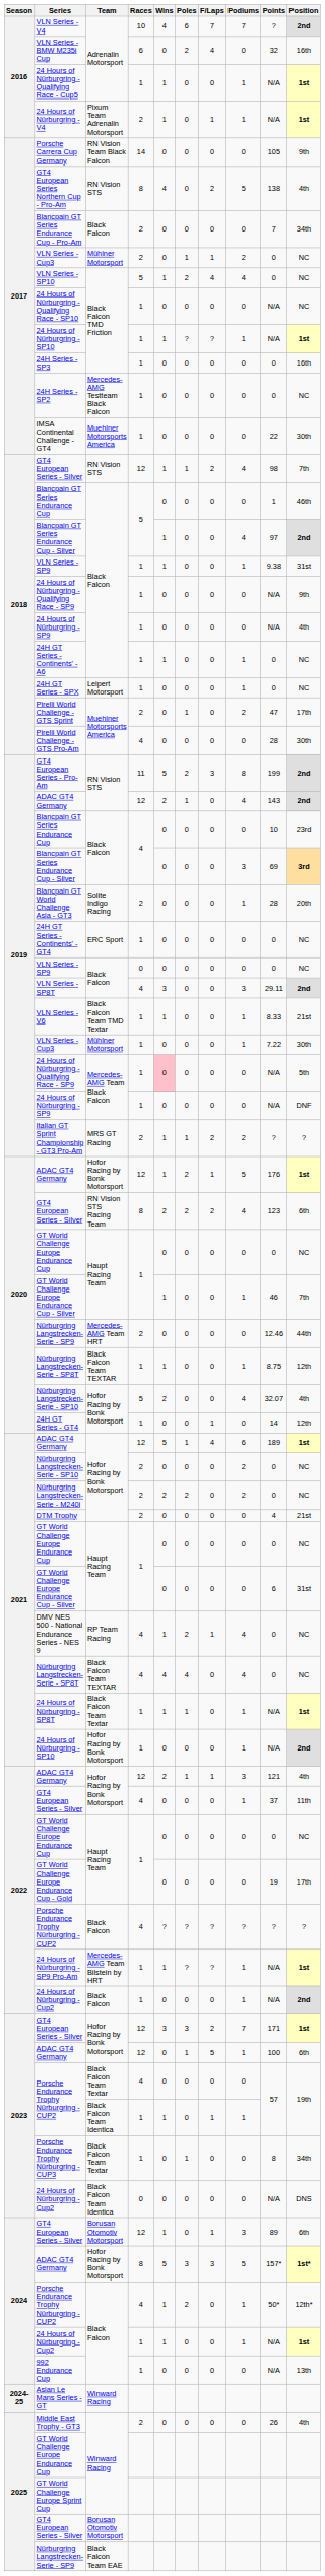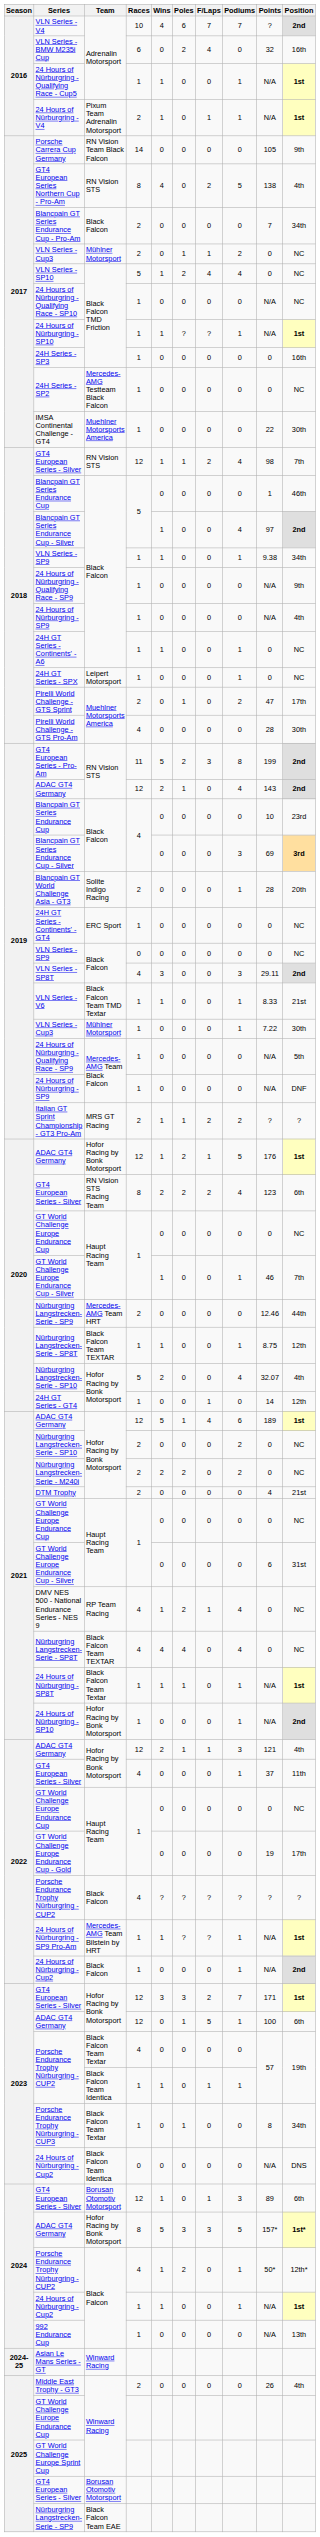 <table class="wikitable" style="font-size: 90%; text-align:center">
 <tr>
 <th>Season</th>
 <th>Series</th>
 <th>Team</th>
 <th>Races</th>
 <th>Wins</th>
 <th>Poles</th>
 <th>F/Laps</th>
 <th>Podiums</th>
 <th>Points</th>
 <th>Position</th>
 </tr>
 <tr>
 <th rowspan="4">2016</th>
 <td align="left"><a href='#'>VLN Series - V4</a></td>
 <td rowspan="3" align="left">Adrenalin Motorsport</td>
 <td>10</td>
 <td>4</td>
 <td>6</td>
 <td>7</td>
 <td>7</td>
 <td>?</td>
 <td style="background:#DFDFDF;"><strong>2nd</strong></td>
 </tr>
 <tr>
 <td align="left"><a href='#'>VLN Series - BMW M235i Cup</a></td>
 <td>6</td>
 <td>0</td>
 <td>2</td>
 <td>4</td>
 <td>0</td>
 <td>32</td>
 <td>16th</td>
 </tr>
 <tr>
 <td align="left"><a href='#'>24 Hours of Nürburgring - Qualifying Race - Cup5</a></td>
 <td>1</td>
 <td>1</td>
 <td>0</td>
 <td>0</td>
 <td>1</td>
 <td>N/A</td>
 <td style="background:#FFFFBF;"><strong>1st</strong></td>
 </tr>
 <tr>
 <td align="left"><a href='#'>24 Hours of Nürburgring - V4</a></td>
 <td align="left">Pixum Team Adrenalin Motorsport</td>
 <td>2</td>
 <td>1</td>
 <td>0</td>
 <td>1</td>
 <td>1</td>
 <td>N/A</td>
 <td style="background:#FFFFBF;"><strong>1st</strong></td>
 </tr>
 <tr>
 <th rowspan="10">2017</th>
 <td align="left"><a href='#'>Porsche Carrera Cup Germany</a></td>
 <td align="left">RN Vision Team Black Falcon</td>
 <td>14</td>
 <td>0</td>
 <td>0</td>
 <td>0</td>
 <td>0</td>
 <td>105</td>
 <td>9th</td>
 </tr>
 <tr>
 <td align="left"><a href='#'>GT4 European Series Northern Cup - Pro-Am</a></td>
 <td align="left">RN Vision STS</td>
 <td>8</td>
 <td>4</td>
 <td>0</td>
 <td>2</td>
 <td>5</td>
 <td>138</td>
 <td>4th</td>
 </tr>
 <tr>
 <td align="left"><a href='#'>Blancpain GT Series Endurance Cup - Pro-Am</a></td>
 <td align="left">Black Falcon</td>
 <td>2</td>
 <td>0</td>
 <td>0</td>
 <td>0</td>
 <td>0</td>
 <td>7</td>
 <td>34th</td>
 </tr>
 <tr>
 <td align="left"><a href='#'>VLN Series - Cup3</a></td>
 <td align="left"><a href='#'>Mühlner Motorsport</a></td>
 <td>2</td>
 <td>0</td>
 <td>1</td>
 <td>1</td>
 <td>2</td>
 <td>0</td>
 <td>NC</td>
 </tr>
 <tr>
 <td align="left"><a href='#'>VLN Series - SP10</a></td>
 <td rowspan="4" align="left">Black Falcon TMD Friction</td>
 <td>5</td>
 <td>1</td>
 <td>2</td>
 <td>4</td>
 <td>4</td>
 <td>0</td>
 <td>NC</td>
 </tr>
 <tr>
 <td align="left"><a href='#'>24 Hours of Nürburgring - Qualifying Race - SP10</a></td>
 <td>1</td>
 <td>0</td>
 <td>0</td>
 <td>0</td>
 <td>0</td>
 <td>N/A</td>
 <td>NC</td>
 </tr>
 <tr>
 <td align="left"><a href='#'>24 Hours of Nürburgring - SP10</a></td>
 <td>1</td>
 <td>1</td>
 <td>?</td>
 <td>?</td>
 <td>1</td>
 <td>N/A</td>
 <td style="background:#FFFFBF;"><strong>1st</strong></td>
 </tr>
 <tr>
 <td align="left"><a href='#'>24H Series - SP3</a></td>
 <td>1</td>
 <td>0</td>
 <td>0</td>
 <td>0</td>
 <td>0</td>
 <td>0</td>
 <td>16th</td>
 </tr>
 <tr>
 <td align="left"><a href='#'>24H Series - SP2</a></td>
 <td align="left"><a href='#'>Mercedes-AMG</a> Testteam Black Falcon</td>
 <td>1</td>
 <td>0</td>
 <td>0</td>
 <td>0</td>
 <td>0</td>
 <td>0</td>
 <td>NC</td>
 </tr>
 <tr>
 <td align="left">IMSA Continental Challenge - GT4</td>
 <td align="left"><a href='#'>Muehlner Motorsports America</a></td>
 <td>1</td>
 <td>0</td>
 <td>0</td>
 <td>0</td>
 <td>0</td>
 <td>22</td>
 <td>30th</td>
 </tr>
 <tr>
 <th rowspan="10">2018</th>
 <td align="left"><a href='#'>GT4 European Series - Silver</a></td>
 <td align="left">RN Vision STS</td>
 <td>12</td>
 <td>1</td>
 <td>1</td>
 <td>2</td>
 <td>4</td>
 <td>98</td>
 <td>7th</td>
 </tr>
 <tr>
 <td align="left"><a href='#'>Blancpain GT Series Endurance Cup</a></td>
 <td rowspan="6" align="left">Black Falcon</td>
 <td rowspan="2">5</td>
 <td>0</td>
 <td>0</td>
 <td>0</td>
 <td>0</td>
 <td>1</td>
 <td>46th</td>
 </tr>
 <tr>
 <td align="left"><a href='#'>Blancpain GT Series Endurance Cup - Silver</a></td>
 <td>1</td>
 <td>0</td>
 <td>0</td>
 <td>4</td>
 <td>97</td>
 <td style="background:#DFDFDF;"><strong>2nd</strong></td>
 </tr>
 <tr>
 <td align="left"><a href='#'>VLN Series - SP9</a></td>
 <td>1</td>
 <td>1</td>
 <td>0</td>
 <td>0</td>
 <td>1</td>
 <td>9.38</td>
-<td>31st</td>
+<td>34th</td>
 </tr>
 <tr>
 <td align="left"><a href='#'>24 Hours of Nürburgring - Qualifying Race - SP9</a></td>
 <td>1</td>
 <td>0</td>
 <td>0</td>
 <td>0</td>
 <td>0</td>
 <td>N/A</td>
 <td>9th</td>
 </tr>
 <tr>
 <td align="left"><a href='#'>24 Hours of Nürburgring - SP9</a></td>
 <td>1</td>
 <td>0</td>
 <td>0</td>
 <td>0</td>
 <td>0</td>
 <td>N/A</td>
 <td>4th</td>
 </tr>
 <tr>
 <td align="left"><a href='#'>24H GT Series - Continents' - A6</a></td>
 <td>1</td>
 <td>1</td>
 <td>0</td>
 <td>0</td>
 <td>1</td>
 <td>0</td>
 <td>NC</td>
 </tr>
 <tr>
 <td align="left"><a href='#'>24H GT Series - SPX</a></td>
 <td align="left">Leipert Motorsport</td>
 <td>1</td>
 <td>0</td>
 <td>0</td>
 <td>0</td>
 <td>1</td>
 <td>0</td>
 <td>NC</td>
 </tr>
 <tr>
 <td align="left"><a href='#'>Pirelli World Challenge - GTS Sprint</a></td>
 <td rowspan="2" align="left"><a href='#'>Muehlner Motorsports America</a></td>
 <td>2</td>
 <td>0</td>
 <td>1</td>
 <td>0</td>
 <td>2</td>
 <td>47</td>
 <td>17th</td>
 </tr>
 <tr>
 <td align="left"><a href='#'>Pirelli World Challenge - GTS Pro-Am</a></td>
 <td>4</td>
 <td>0</td>
 <td>0</td>
 <td>0</td>
 <td>0</td>
 <td>28</td>
 <td>30th</td>
 </tr>
 <tr>
 <th rowspan="13">2019</th>
 <td align="left"><a href='#'>GT4 European Series - Pro-Am</a></td>
 <td rowspan="2" align="left">RN Vision STS</td>
 <td>11</td>
 <td>5</td>
 <td>2</td>
 <td>3</td>
 <td>8</td>
 <td>199</td>
 <td style="background:#DFDFDF;"><strong>2nd</strong></td>
 </tr>
 <tr>
 <td align="left"><a href='#'>ADAC GT4 Germany</a></td>
 <td>12</td>
 <td>2</td>
 <td>1</td>
 <td>0</td>
 <td>4</td>
 <td>143</td>
 <td style="background:#DFDFDF;"><strong>2nd</strong></td>
 </tr>
 <tr>
 <td align="left"><a href='#'>Blancpain GT Series Endurance Cup</a></td>
 <td rowspan="2" align="left">Black Falcon</td>
 <td rowspan="2">4</td>
 <td>0</td>
 <td>0</td>
 <td>0</td>
 <td>0</td>
 <td>10</td>
 <td>23rd</td>
 </tr>
 <tr>
 <td align="left"><a href='#'>Blancpain GT Series Endurance Cup - Silver</a></td>
 <td>0</td>
 <td>0</td>
 <td>0</td>
 <td>3</td>
 <td>69</td>
 <td style="background:#FFDF9F;"><strong>3rd</strong></td>
 </tr>
 <tr>
 <td align="left"><a href='#'>Blancpain GT World Challenge Asia - GT3</a></td>
 <td align="left">Solite Indigo Racing</td>
 <td>2</td>
 <td>0</td>
 <td>0</td>
 <td>0</td>
 <td>1</td>
 <td>28</td>
 <td>20th</td>
 </tr>
 <tr>
 <td align="left"><a href='#'>24H GT Series - Continents' - GT4</a></td>
 <td align="left">ERC Sport</td>
 <td>1</td>
 <td>0</td>
 <td>0</td>
 <td>0</td>
 <td>0</td>
 <td>0</td>
 <td>NC</td>
 </tr>
 <tr>
 <td align="left"><a href='#'>VLN Series - SP9</a></td>
 <td rowspan="2" align="left">Black Falcon</td>
 <td>0</td>
 <td>0</td>
 <td>0</td>
 <td>0</td>
 <td>0</td>
 <td>0</td>
 <td>NC</td>
 </tr>
 <tr>
 <td align="left"><a href='#'>VLN Series - SP8T</a></td>
 <td>4</td>
 <td>3</td>
 <td>0</td>
 <td>0</td>
 <td>3</td>
 <td>29.11</td>
 <td style="background:#DFDFDF;"><strong>2nd</strong></td>
 </tr>
 <tr>
 <td align="left"><a href='#'>VLN Series - V6</a></td>
 <td align="left">Black Falcon Team TMD Textar</td>
 <td>1</td>
 <td>1</td>
 <td>0</td>
 <td>0</td>
 <td>1</td>
 <td>8.33</td>
 <td>21st</td>
 </tr>
 <tr>
 <td align="left"><a href='#'>VLN Series - Cup3</a></td>
 <td align="left"><a href='#'>Mühlner Motorsport</a></td>
 <td>1</td>
 <td>0</td>
 <td>0</td>
 <td>0</td>
 <td>1</td>
 <td>7.22</td>
 <td>30th</td>
 </tr>
 <tr>
 <td align="left"><a href='#'>24 Hours of Nürburgring - Qualifying Race - SP9</a></td>
 <td rowspan="2" align="left"><a href='#'>Mercedes-AMG</a> Team Black Falcon</td>
 <td>1</td>
-<td style="background: pink;">0</td>
+<td>0</td>
 <td>0</td>
 <td>0</td>
 <td>0</td>
 <td>N/A</td>
 <td>5th</td>
 </tr>
 <tr>
 <td align="left"><a href='#'>24 Hours of Nürburgring - SP9</a></td>
 <td>1</td>
 <td>0</td>
 <td>0</td>
 <td>0</td>
 <td>0</td>
 <td>N/A</td>
 <td>DNF</td>
 </tr>
 <tr>
 <td align="left"><a href='#'>Italian GT Sprint Championship - GT3 Pro-Am</a></td>
 <td align="left">MRS GT Racing</td>
 <td>2</td>
 <td>1</td>
 <td>1</td>
 <td>2</td>
 <td>2</td>
 <td>?</td>
 <td>?</td>
 </tr>
 <tr>
 <th rowspan="8">2020</th>
 <td align="left"><a href='#'>ADAC GT4 Germany</a></td>
 <td align="left">Hofor Racing by Bonk Motorsport</td>
 <td>12</td>
 <td>1</td>
 <td>2</td>
 <td>1</td>
 <td>5</td>
 <td>176</td>
 <td style="background:#FFFFBF;"><strong>1st</strong></td>
 </tr>
 <tr>
 <td align="left"><a href='#'>GT4 European Series - Silver</a></td>
 <td align="left">RN Vision STS Racing Team</td>
 <td>8</td>
 <td>2</td>
 <td>2</td>
 <td>2</td>
 <td>4</td>
 <td>123</td>
 <td>6th</td>
 </tr>
 <tr>
 <td align="left"><a href='#'>GT World Challenge Europe Endurance Cup</a></td>
 <td rowspan="2" align="left">Haupt Racing Team</td>
 <td rowspan="2">1</td>
 <td>0</td>
 <td>0</td>
 <td>0</td>
 <td>0</td>
 <td>0</td>
 <td>NC</td>
 </tr>
 <tr>
 <td align="left"><a href='#'>GT World Challenge Europe Endurance Cup - Silver</a></td>
 <td>1</td>
 <td>0</td>
 <td>0</td>
 <td>1</td>
 <td>46</td>
 <td>7th</td>
 </tr>
 <tr>
 <td align="left"><a href='#'>Nürburgring Langstrecken-Serie - SP9</a></td>
 <td align="left"><a href='#'>Mercedes-AMG</a> Team HRT</td>
 <td>2</td>
 <td>0</td>
 <td>0</td>
 <td>0</td>
 <td>0</td>
 <td>12.46</td>
 <td>44th</td>
 </tr>
 <tr>
 <td align="left"><a href='#'>Nürburgring Langstrecken-Serie - SP8T</a></td>
 <td align="left">Black Falcon Team TEXTAR</td>
 <td>1</td>
 <td>1</td>
 <td>0</td>
 <td>0</td>
 <td>1</td>
 <td>8.75</td>
 <td>12th</td>
 </tr>
 <tr>
 <td align="left"><a href='#'>Nürburgring Langstrecken-Serie - SP10</a></td>
 <td rowspan="2" align="left">Hofor Racing by Bonk Motorsport</td>
 <td>5</td>
 <td>2</td>
 <td>0</td>
 <td>0</td>
 <td>4</td>
 <td>32.07</td>
 <td>4th</td>
 </tr>
 <tr>
 <td align="left"><a href='#'>24H GT Series - GT4</a></td>
 <td>1</td>
 <td>0</td>
 <td>0</td>
 <td>1</td>
 <td>0</td>
 <td>14</td>
 <td>12th</td>
 </tr>
 <tr>
 <th rowspan="10">2021</th>
 <td align="left"><a href='#'>ADAC GT4 Germany</a></td>
 <td rowspan="4" align="left">Hofor Racing by Bonk Motorsport</td>
 <td>12</td>
 <td>5</td>
 <td>1</td>
 <td>4</td>
 <td>6</td>
 <td>189</td>
 <td style="background:#FFFFBF;"><strong>1st</strong></td>
 </tr>
 <tr>
 <td align="left"><a href='#'>Nürburgring Langstrecken-Serie - SP10</a></td>
 <td>2</td>
 <td>0</td>
 <td>0</td>
 <td>0</td>
 <td>2</td>
 <td>0</td>
 <td>NC</td>
 </tr>
 <tr>
 <td align="left"><a href='#'>Nürburgring Langstrecken-Serie - M240i</a></td>
 <td>2</td>
 <td>2</td>
 <td>2</td>
 <td>0</td>
 <td>2</td>
 <td>0</td>
 <td>NC</td>
 </tr>
 <tr>
 <td align="left"><a href='#'>DTM Trophy</a></td>
 <td>2</td>
 <td>0</td>
 <td>0</td>
 <td>0</td>
 <td>0</td>
 <td>4</td>
 <td>21st</td>
 </tr>
 <tr>
 <td align="left"><a href='#'>GT World Challenge Europe Endurance Cup</a></td>
 <td rowspan="2" align="left">Haupt Racing Team</td>
 <td rowspan="2">1</td>
 <td>0</td>
 <td>0</td>
 <td>0</td>
 <td>0</td>
 <td>0</td>
 <td>NC</td>
 </tr>
 <tr>
 <td align="left"><a href='#'>GT World Challenge Europe Endurance Cup - Silver</a></td>
 <td>0</td>
 <td>0</td>
 <td>0</td>
 <td>0</td>
 <td>6</td>
 <td>31st</td>
 </tr>
 <tr>
 <td align="left">DMV NES 500 - National Endurance Series - NES 9</td>
 <td align="left">RP Team Racing</td>
 <td>4</td>
 <td>1</td>
 <td>2</td>
 <td>1</td>
 <td>4</td>
 <td>0</td>
 <td>NC</td>
 </tr>
 <tr>
 <td align="left"><a href='#'>Nürburgring Langstrecken-Serie - SP8T</a></td>
 <td align="left">Black Falcon Team TEXTAR</td>
 <td>4</td>
 <td>4</td>
 <td>4</td>
 <td>0</td>
 <td>4</td>
 <td>0</td>
 <td>NC</td>
 </tr>
 <tr>
 <td align="left"><a href='#'>24 Hours of Nürburgring - SP8T</a></td>
 <td align="left">Black Falcon Team Textar</td>
 <td>1</td>
 <td>1</td>
 <td>1</td>
 <td>0</td>
 <td>1</td>
 <td>N/A</td>
 <td style="background:#FFFFBF;"><strong>1st</strong></td>
 </tr>
 <tr>
 <td align="left"><a href='#'>24 Hours of Nürburgring - SP10</a></td>
 <td align="left">Hofor Racing by Bonk Motorsport</td>
 <td>1</td>
 <td>0</td>
 <td>0</td>
 <td>0</td>
 <td>1</td>
 <td>N/A</td>
 <td style="background:#DFDFDF;"><strong>2nd</strong></td>
 </tr>
 <tr>
 <th rowspan="7">2022</th>
 <td align="left"><a href='#'>ADAC GT4 Germany</a></td>
 <td rowspan="2" align="left">Hofor Racing by Bonk Motorsport</td>
 <td>12</td>
 <td>2</td>
 <td>1</td>
 <td>1</td>
 <td>3</td>
 <td>121</td>
 <td>4th</td>
 </tr>
 <tr>
 <td align="left"><a href='#'>GT4 European Series - Silver</a></td>
 <td>4</td>
 <td>0</td>
 <td>0</td>
 <td>0</td>
 <td>1</td>
 <td>37</td>
 <td>11th</td>
 </tr>
 <tr>
 <td align="left"><a href='#'>GT World Challenge Europe Endurance Cup</a></td>
 <td rowspan="2" align="left">Haupt Racing Team</td>
 <td rowspan="2">1</td>
 <td>0</td>
 <td>0</td>
 <td>0</td>
 <td>0</td>
 <td>0</td>
 <td>NC</td>
 </tr>
 <tr>
 <td align="left"><a href='#'>GT World Challenge Europe Endurance Cup - Gold</a></td>
 <td>0</td>
 <td>0</td>
 <td>0</td>
 <td>0</td>
 <td>19</td>
 <td>17th</td>
 </tr>
 <tr>
 <td align="left"><a href='#'>Porsche Endurance Trophy Nürburgring - CUP2</a></td>
 <td align="left">Black Falcon</td>
 <td>4</td>
 <td>?</td>
 <td>?</td>
 <td>?</td>
 <td>?</td>
 <td>?</td>
 <td>?</td>
 </tr>
 <tr>
 <td align="left"><a href='#'>24 Hours of Nürburgring - SP9 Pro-Am</a></td>
 <td align="left"><a href='#'>Mercedes-AMG</a> Team Bilstein by HRT</td>
 <td>1</td>
 <td>1</td>
 <td>?</td>
 <td>?</td>
 <td>1</td>
 <td>N/A</td>
 <td style="background:#FFFFBF;"><strong>1st</strong></td>
 </tr>
 <tr>
 <td align="left"><a href='#'>24 Hours of Nürburgring - Cup2</a></td>
 <td align="left">Black Falcon</td>
 <td>1</td>
 <td>0</td>
 <td>0</td>
 <td>0</td>
 <td>1</td>
 <td>N/A</td>
 <td style="background:#DFDFDF;"><strong>2nd</strong></td>
 </tr>
 <tr>
 <th rowspan="6">2023</th>
 <td align="left"><a href='#'>GT4 European Series - Silver</a></td>
 <td rowspan="2" align="left">Hofor Racing by Bonk Motorsport</td>
 <td>12</td>
 <td>3</td>
 <td>3</td>
 <td>2</td>
 <td>7</td>
 <td>171</td>
 <td style="background:#FFFFBF;"><strong>1st</strong></td>
 </tr>
 <tr>
 <td align="left"><a href='#'>ADAC GT4 Germany</a></td>
 <td>12</td>
 <td>0</td>
 <td>1</td>
 <td>5</td>
 <td>1</td>
 <td>100</td>
 <td>6th</td>
 </tr>
 <tr>
 <td rowspan="2" align="left"><a href='#'>Porsche Endurance Trophy Nürburgring - CUP2</a></td>
 <td align="left">Black Falcon Team Textar</td>
 <td>4</td>
 <td>0</td>
 <td>0</td>
 <td>0</td>
 <td>0</td>
 <td rowspan="2">57</td>
 <td rowspan="2">19th</td>
 </tr>
 <tr>
 <td align="left">Black Falcon Team Identica</td>
 <td>1</td>
 <td>1</td>
 <td>0</td>
 <td>1</td>
 <td>1</td>
 </tr>
 <tr>
 <td align="left"><a href='#'>Porsche Endurance Trophy Nürburgring - CUP3</a></td>
 <td align="left">Black Falcon Team Textar</td>
 <td>1</td>
 <td>0</td>
 <td>1</td>
 <td>0</td>
 <td>0</td>
 <td>8</td>
 <td>34th</td>
 </tr>
 <tr>
 <td align="left"><a href='#'>24 Hours of Nürburgring - Cup2</a></td>
 <td align="left">Black Falcon Team Identica</td>
 <td>0</td>
 <td>0</td>
 <td>0</td>
 <td>0</td>
 <td>0</td>
 <td>N/A</td>
 <td>DNS</td>
 </tr>
 <tr>
 <th rowspan="5">2024</th>
 <td align="left"><a href='#'>GT4 European Series - Silver</a></td>
 <td align="left"><a href='#'>Borusan Otomotiv Motorsport</a></td>
 <td>12</td>
 <td>1</td>
 <td>0</td>
 <td>1</td>
 <td>3</td>
 <td>89</td>
 <td>6th</td>
 </tr>
 <tr>
 <td align="left"><a href='#'>ADAC GT4 Germany</a></td>
 <td align="left">Hofor Racing by Bonk Motorsport</td>
 <td>8</td>
 <td>5</td>
 <td>3</td>
 <td>3</td>
 <td>5</td>
 <td>157*</td>
 <td style="background:#FFFFBF;"><strong>1st*</strong></td>
 </tr>
 <tr>
 <td align="left"><a href='#'>Porsche Endurance Trophy Nürburgring - CUP2</a></td>
 <td rowspan="3" align="left">Black Falcon</td>
 <td>4</td>
 <td>1</td>
 <td>2</td>
 <td>0</td>
 <td>1</td>
 <td>50*</td>
 <td>12th*</td>
 </tr>
 <tr>
 <td align="left"><a href='#'>24 Hours of Nürburgring - Cup2</a></td>
 <td>1</td>
 <td>1</td>
 <td>0</td>
 <td>0</td>
 <td>1</td>
 <td>N/A</td>
 <td style="background:#FFFFBF;"><strong>1st</strong></td>
 </tr>
 <tr>
 <td align=left><a href='#'>992 Endurance Cup</a></td>
 <td>1</td>
 <td>0</td>
 <td>0</td>
 <td>0</td>
 <td>0</td>
 <td>N/A</td>
 <td>13th</td>
 </tr>
 <tr>
 <th>2024-25</th>
 <td align=left><a href='#'>Asian Le Mans Series - GT</a></td>
 <td align=left><a href='#'>Winward Racing</a></td>
 <td></td>
 <td></td>
 <td></td>
 <td></td>
 <td></td>
 <td></td>
 <td></td>
 </tr>
 <tr>
 <th rowspan="5">2025</th>
 <td align=left><a href='#'>Middle East Trophy - GT3</a></td>
 <td rowspan="3" align="left"><a href='#'>Winward Racing</a></td>
 <td>2</td>
 <td>0</td>
 <td>0</td>
 <td>0</td>
 <td>0</td>
 <td>26</td>
 <td>4th</td>
 </tr>
 <tr>
 <td align=left><a href='#'>GT World Challenge Europe Endurance Cup</a></td>
 <td></td>
 <td></td>
 <td></td>
 <td></td>
 <td></td>
 <td></td>
 <td></td>
 </tr>
 <tr>
 <td align=left><a href='#'>GT World Challenge Europe Sprint Cup</a></td>
 <td></td>
 <td></td>
 <td></td>
 <td></td>
 <td></td>
 <td></td>
 <td></td>
 </tr>
 <tr>
 <td align=left><a href='#'>GT4 European Series - Silver</a></td>
 <td align=left><a href='#'>Borusan Otomotiv Motorsport</a></td>
 <td></td>
 <td></td>
 <td></td>
 <td></td>
 <td></td>
 <td></td>
 <td></td>
 </tr>
 <tr>
 <td align=left><a href='#'>Nürburgring Langstrecken-Serie - SP9</a></td>
 <td align=left>Black Falcon Team EAE</td>
 <td></td>
 <td></td>
 <td></td>
 <td></td>
 <td></td>
 <td></td>
 <td></td>
 </tr>
 </table>
